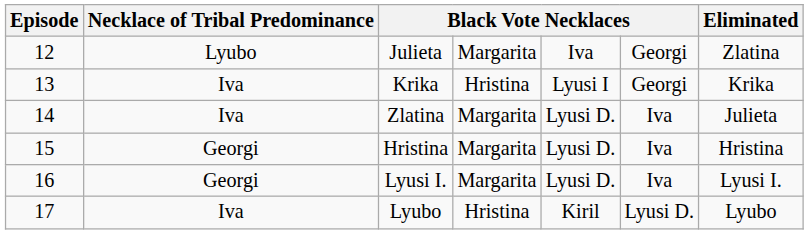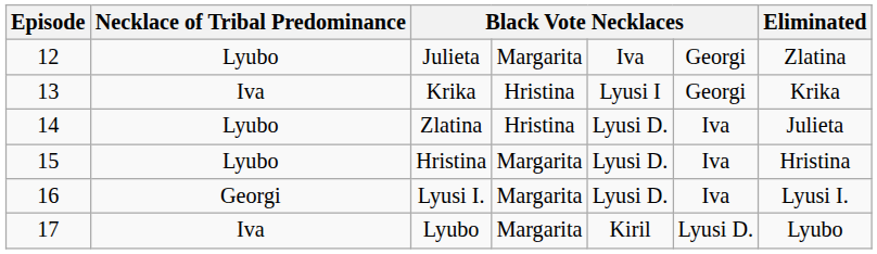 <table class="wikitable" style="margin:auto; text-align:center">
 <tr>
 <th>Episode</th>
 <th>Necklace of Tribal Predominance</th>
 <th colspan=4>Black Vote Necklaces</th>
 <th>Eliminated</th>
 </tr>
 <tr>
 <td>12</td>
 <td>Lyubo</td>
 <td>Julieta</td>
 <td>Margarita</td>
 <td>Iva</td>
 <td>Georgi</td>
 <td>Zlatina</td>
 </tr>
 <tr>
 <td>13</td>
 <td>Iva</td>
 <td>Krika</td>
 <td>Hristina</td>
 <td>Lyusi I</td>
 <td>Georgi</td>
 <td>Krika</td>
 </tr>
 <tr>
 <td>14</td>
-<td>Iva</td>
+<td>Lyubo</td>
 <td>Zlatina</td>
-<td>Margarita</td>
+<td>Hristina</td>
 <td>Lyusi D.</td>
 <td>Iva</td>
 <td>Julieta</td>
 </tr>
 <tr>
 <td>15</td>
-<td>Georgi</td>
+<td>Lyubo</td>
 <td>Hristina</td>
 <td>Margarita</td>
 <td>Lyusi D.</td>
 <td>Iva</td>
 <td>Hristina</td>
 </tr>
 <tr>
 <td>16</td>
 <td>Georgi</td>
 <td>Lyusi I.</td>
 <td>Margarita</td>
 <td>Lyusi D.</td>
 <td>Iva</td>
 <td>Lyusi I.</td>
 </tr>
 <tr>
 <td>17</td>
 <td>Iva</td>
 <td>Lyubo</td>
-<td>Hristina</td>
+<td>Margarita</td>
 <td>Kiril</td>
 <td>Lyusi D.</td>
 <td>Lyubo</td>
 </tr>
 </table>
